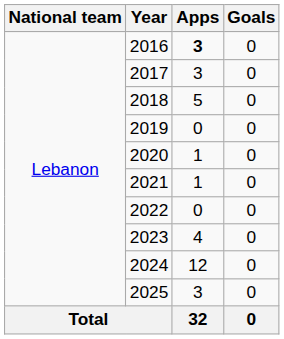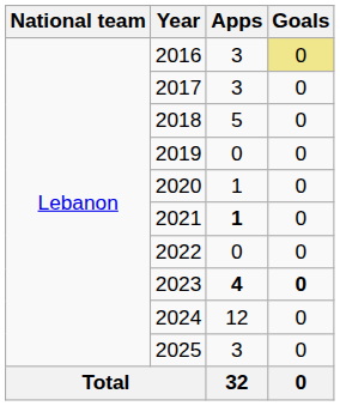 <table class="wikitable" style="text-align:center">
 <tr>
 <th>National team</th>
 <th>Year</th>
 <th>Apps</th>
 <th>Goals</th>
 </tr>
 <tr>
 <td rowspan="10"><a href='#'>Lebanon</a></td>
 <td>2016</td>
-<td><strong>3</strong></td>
-<td>0</td>
+<td>3</td>
+<td style="background: khaki;">0</td>
 </tr>
 <tr>
 <td>2017</td>
 <td>3</td>
 <td>0</td>
 </tr>
 <tr>
 <td>2018</td>
 <td>5</td>
 <td>0</td>
 </tr>
 <tr>
 <td>2019</td>
 <td>0</td>
 <td>0</td>
 </tr>
 <tr>
 <td>2020</td>
 <td>1</td>
 <td>0</td>
 </tr>
 <tr>
 <td>2021</td>
-<td>1</td>
+<td><strong>1</strong></td>
 <td>0</td>
 </tr>
 <tr>
 <td>2022</td>
 <td>0</td>
 <td>0</td>
 </tr>
 <tr>
 <td>2023</td>
-<td>4</td>
-<td>0</td>
+<td><strong>4</strong></td>
+<td><strong>0</strong></td>
 </tr>
 <tr>
 <td>2024</td>
 <td>12</td>
 <td>0</td>
 </tr>
 <tr>
 <td>2025</td>
 <td>3</td>
 <td>0</td>
 </tr>
 <tr>
 <th colspan="2">Total</th>
 <th>32</th>
 <th>0</th>
 </tr>
 </table>
